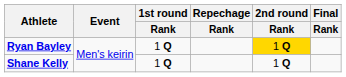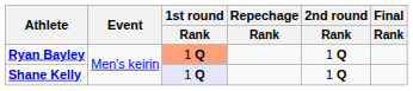 <table class=wikitable style="font-size:90%">
 <tr>
 <th rowspan="2">Athlete</th>
 <th rowspan="2">Event</th>
 <th>1st round</th>
 <th>Repechage</th>
 <th>2nd round</th>
 <th>Final</th>
 </tr>
 <tr style="font-size:95%">
 <th>Rank</th>
 <th>Rank</th>
 <th>Rank</th>
 <th>Rank</th>
 </tr>
 <tr align=center>
 <td align=left><strong><a href='#'>Ryan Bayley</a></strong></td>
 <td align=left rowspan=2><a href='#'>Men's keirin</a></td>
+<td style="background: lightsalmon;">1 <strong>Q</strong></td>
+<td></td>
 <td>1 <strong>Q</strong></td>
-<td></td>
-<td style="background: gold;">1 <strong>Q</strong></td>
 <td></td>
 </tr>
 <tr align=center>
 <td align=left><strong><a href='#'>Shane Kelly</a></strong></td>
-<td>1 <strong>Q</strong></td>
+<td style="background: lavender;">1 <strong>Q</strong></td>
 <td></td>
 <td>1 <strong>Q</strong></td>
 <td></td>
 </tr>
 </table>
